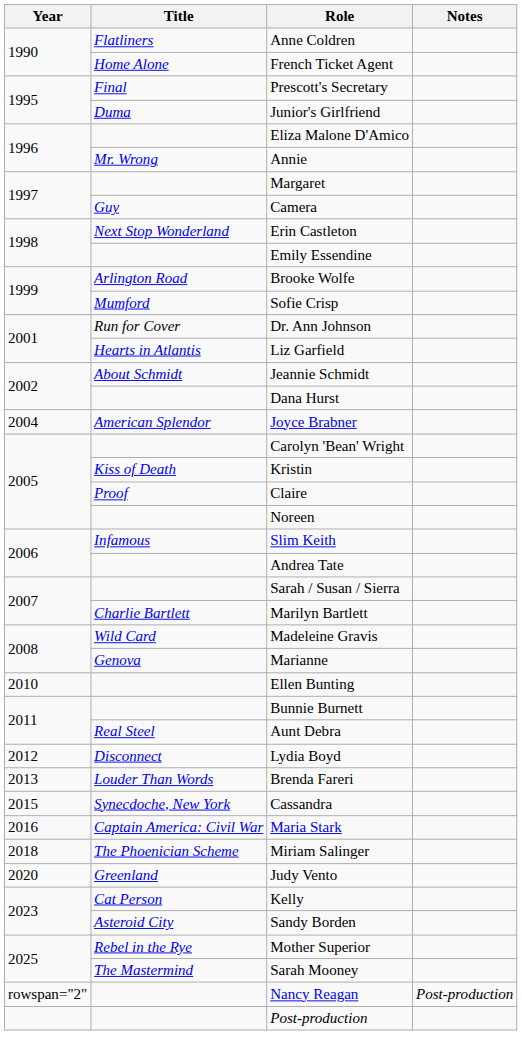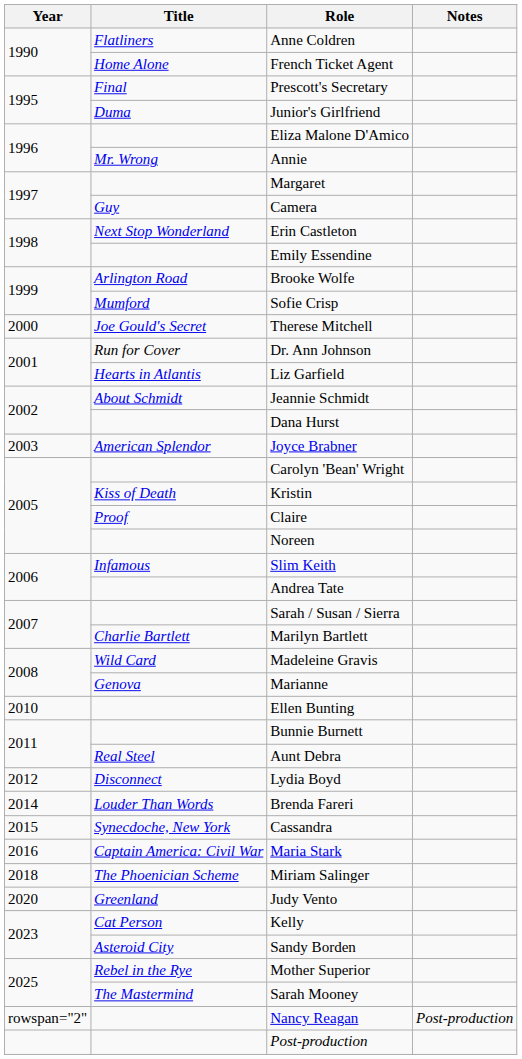 <table class="wikitable sortable">
 <tr>
 <th>Year</th>
 <th>Title</th>
 <th>Role</th>
 <th class="unsortable">Notes</th>
 </tr>
 <tr>
 <td rowspan="2">1990</td>
 <td><em><a href='#'>Flatliners</a></em></td>
 <td>Anne Coldren</td>
 <td></td>
 </tr>
 <tr>
 <td><em><a href='#'>Home Alone</a></em></td>
 <td>French Ticket Agent</td>
 <td></td>
 </tr>
 <tr>
 <td rowspan="2">1995</td>
 <td><em><a href='#'>Final</a></em></td>
 <td>Prescott's Secretary</td>
 <td></td>
 </tr>
 <tr>
 <td><em><a href='#'>Duma</a></em></td>
 <td>Junior's Girlfriend</td>
 <td></td>
 </tr>
 <tr>
 <td rowspan="2">1996</td>
 <td><em></em></td>
 <td>Eliza Malone D'Amico</td>
 <td></td>
 </tr>
 <tr>
 <td><em><a href='#'>Mr. Wrong</a></em></td>
 <td>Annie</td>
 <td></td>
 </tr>
 <tr>
 <td rowspan="2">1997</td>
 <td><em></em></td>
 <td>Margaret</td>
 <td></td>
 </tr>
 <tr>
 <td><em><a href='#'>Guy</a></em></td>
 <td>Camera</td>
 <td></td>
 </tr>
 <tr>
 <td rowspan="2">1998</td>
 <td><em><a href='#'>Next Stop Wonderland</a></em></td>
 <td>Erin Castleton</td>
 <td></td>
 </tr>
 <tr>
 <td><em></em></td>
 <td>Emily Essendine</td>
 <td></td>
 </tr>
 <tr>
 <td rowspan="2">1999</td>
 <td><em><a href='#'>Arlington Road</a></em></td>
 <td>Brooke Wolfe</td>
 <td></td>
 </tr>
 <tr>
 <td><em><a href='#'>Mumford</a></em></td>
 <td>Sofie Crisp</td>
 <td></td>
 </tr>
 <tr>
+<td>2000</td>
+<td><em><a href='#'>Joe Gould's Secret</a></em></td>
+<td>Therese Mitchell</td>
+<td></td>
+</tr>
+<tr>
 <td rowspan="2">2001</td>
 <td><em>Run for Cover</em></td>
 <td>Dr. Ann Johnson</td>
 <td></td>
 </tr>
 <tr>
 <td><em><a href='#'>Hearts in Atlantis</a></em></td>
 <td>Liz Garfield</td>
 <td></td>
 </tr>
 <tr>
 <td rowspan="2">2002</td>
 <td><em><a href='#'>About Schmidt</a></em></td>
 <td>Jeannie Schmidt</td>
 <td></td>
 </tr>
 <tr>
 <td><em></em></td>
 <td>Dana Hurst</td>
 <td></td>
 </tr>
 <tr>
-<td>2004</td>
+<td>2003</td>
 <td><em><a href='#'>American Splendor</a></em></td>
 <td><a href='#'>Joyce Brabner</a></td>
 <td></td>
 </tr>
 <tr>
 <td rowspan="4">2005</td>
 <td><em></em></td>
 <td>Carolyn 'Bean' Wright</td>
 <td></td>
 </tr>
 <tr>
 <td><em><a href='#'>Kiss of Death</a></em></td>
 <td>Kristin</td>
 <td></td>
 </tr>
 <tr>
 <td><em><a href='#'>Proof</a></em></td>
 <td>Claire</td>
 <td></td>
 </tr>
 <tr>
 <td><em></em></td>
 <td>Noreen</td>
 <td></td>
 </tr>
 <tr>
 <td rowspan="2">2006</td>
 <td><em><a href='#'>Infamous</a></em></td>
 <td><a href='#'>Slim Keith</a></td>
 <td></td>
 </tr>
 <tr>
 <td><em></em></td>
 <td>Andrea Tate</td>
 <td></td>
 </tr>
 <tr>
 <td rowspan="2">2007</td>
 <td><em></em></td>
 <td>Sarah / Susan / Sierra</td>
 <td></td>
 </tr>
 <tr>
 <td><em><a href='#'>Charlie Bartlett</a></em></td>
 <td>Marilyn Bartlett</td>
 <td></td>
 </tr>
 <tr>
 <td rowspan="2">2008</td>
 <td><em><a href='#'>Wild Card</a></em></td>
 <td>Madeleine Gravis</td>
 <td></td>
 </tr>
 <tr>
 <td><em><a href='#'>Genova</a></em></td>
 <td>Marianne</td>
 <td></td>
 </tr>
 <tr>
 <td>2010</td>
 <td><em></em></td>
 <td>Ellen Bunting</td>
 <td></td>
 </tr>
 <tr>
 <td rowspan="2">2011</td>
 <td><em></em></td>
 <td>Bunnie Burnett</td>
 <td></td>
 </tr>
 <tr>
 <td><em><a href='#'>Real Steel</a></em></td>
 <td>Aunt Debra</td>
 <td></td>
 </tr>
 <tr>
 <td>2012</td>
 <td><em><a href='#'>Disconnect</a></em></td>
 <td>Lydia Boyd</td>
 <td></td>
 </tr>
 <tr>
-<td>2013</td>
+<td>2014</td>
 <td><em><a href='#'>Louder Than Words</a></em></td>
 <td>Brenda Fareri</td>
 <td></td>
 </tr>
 <tr>
 <td>2015</td>
 <td><em><a href='#'>Synecdoche, New York</a></em></td>
 <td>Cassandra</td>
 <td></td>
 </tr>
 <tr>
 <td>2016</td>
 <td><em><a href='#'>Captain America: Civil War</a></em></td>
 <td><a href='#'>Maria Stark</a></td>
 <td></td>
 </tr>
 <tr>
 <td>2018</td>
 <td><em><a href='#'>The Phoenician Scheme</a></em></td>
 <td>Miriam Salinger</td>
 <td></td>
 </tr>
 <tr>
 <td>2020</td>
 <td><em><a href='#'>Greenland</a></em></td>
 <td>Judy Vento</td>
 <td></td>
 </tr>
 <tr>
 <td rowspan="2">2023</td>
 <td><em><a href='#'>Cat Person</a></em></td>
 <td>Kelly</td>
 <td></td>
 </tr>
 <tr>
 <td><em><a href='#'>Asteroid City</a></em></td>
 <td>Sandy Borden</td>
 <td></td>
 </tr>
 <tr>
 <td rowspan="2">2025</td>
 <td><em><a href='#'>Rebel in the Rye</a></em></td>
 <td>Mother Superior</td>
 <td></td>
 </tr>
 <tr>
 <td><em><a href='#'>The Mastermind</a></em></td>
 <td>Sarah Mooney</td>
 <td></td>
 </tr>
 <tr>
 <td>rowspan="2" </td>
 <td></td>
 <td><a href='#'>Nancy Reagan</a></td>
 <td><em>Post-production</em></td>
 </tr>
 <tr>
 <td></td>
 <td></td>
 <td><em>Post-production</em></td>
 </tr>
 </table>
